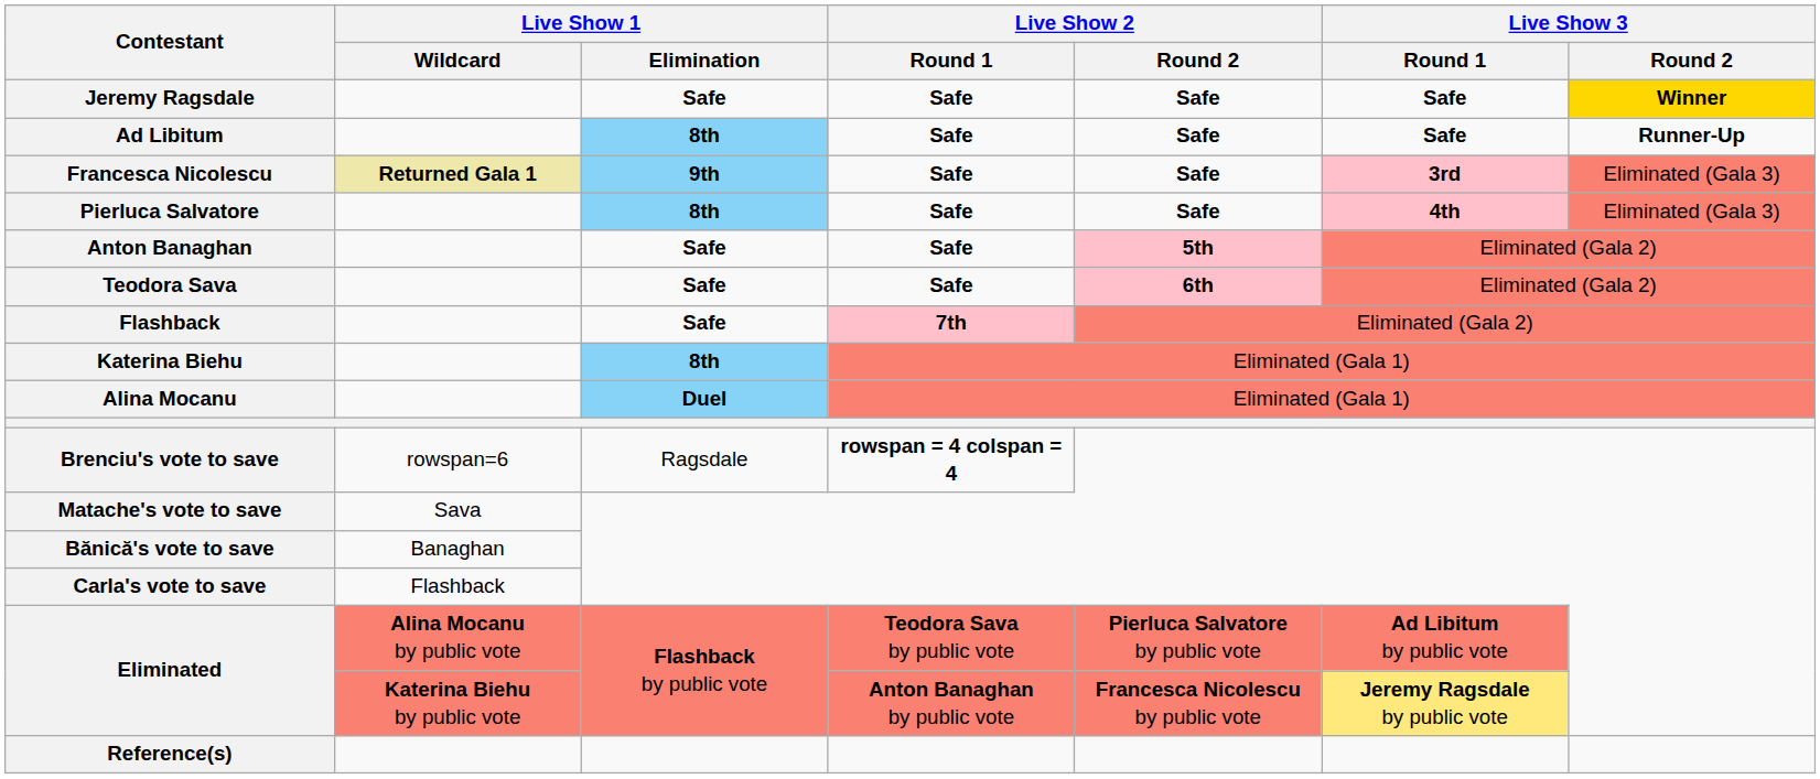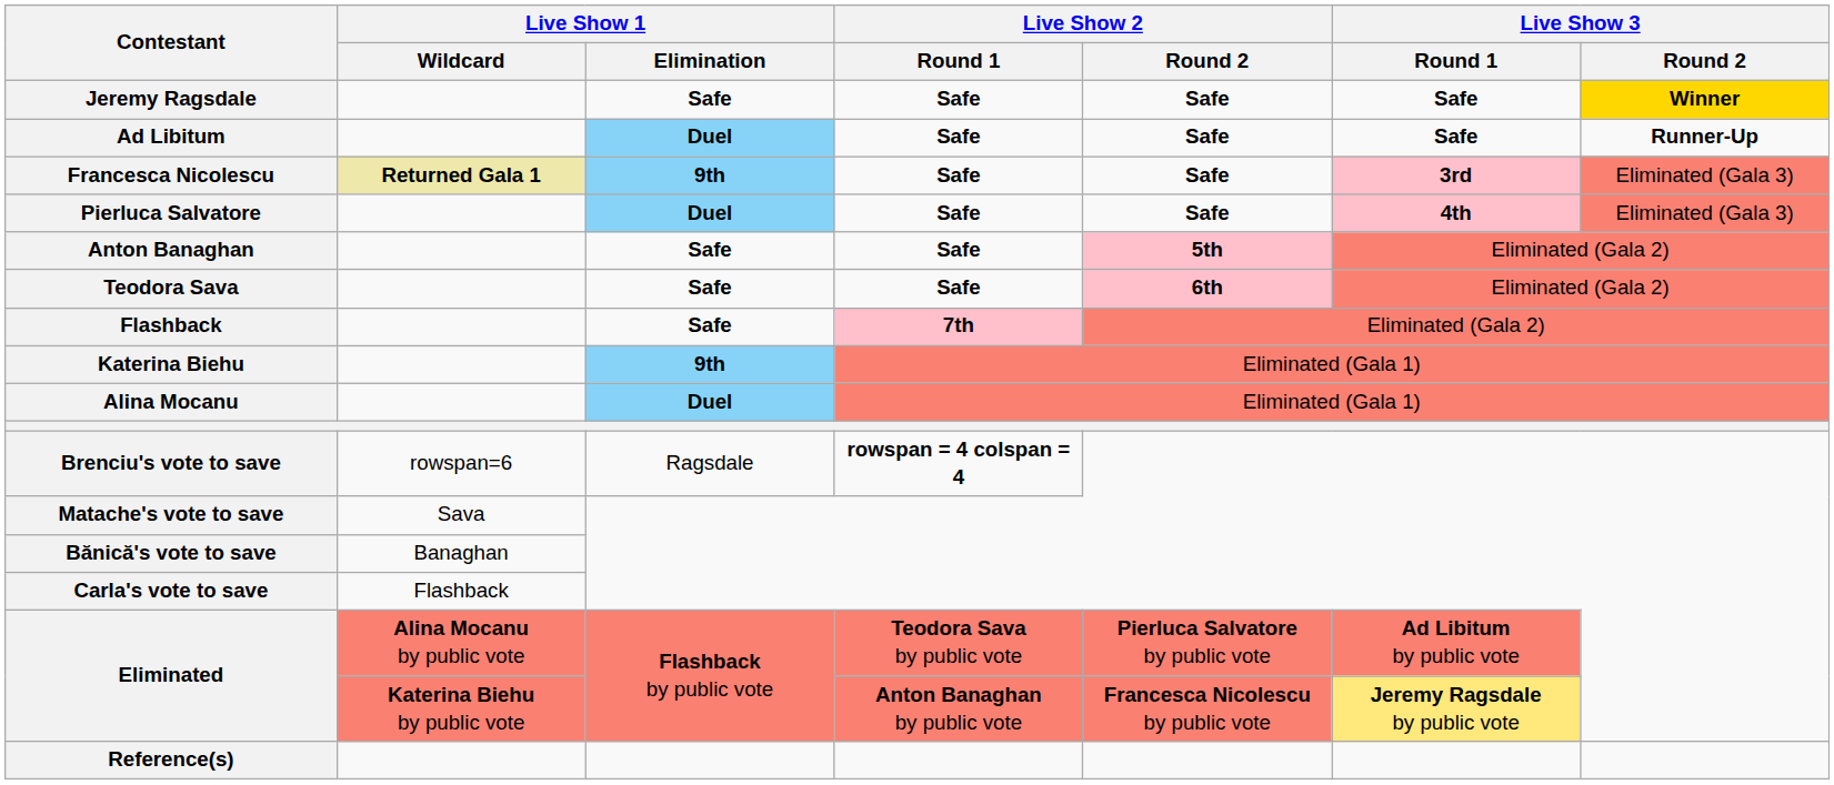 <table class="wikitable" style="font-size:90%;text-align:center;line-height:1.35;width:100%">
 <tr>
 <th style="width:16%"   rowspan="2" scope="col">Contestant</th>
 <th style="width:10.5%" colspan="2"><a href='#'>Live Show 1</a></th>
 <th style="width:10.5%" colspan="2" scope="col"><a href='#'>Live Show 2</a></th>
 <th style="width:10.5%" colspan="2" scope="col"><a href='#'>Live Show 3</a></th>
 </tr>
 <tr>
 <th style="width:12%">Wildcard</th>
 <th style="width:12%">Elimination</th>
 <th style="width:12%">Round 1</th>
 <th style="width:12%">Round 2</th>
 <th style="width:12%">Round 1</th>
 <th style="width:12%">Round 2</th>
 </tr>
 <tr>
 <th scope="row">Jeremy Ragsdale</th>
 <td></td>
 <td><strong>Safe</strong></td>
 <td><strong>Safe</strong></td>
 <td><strong>Safe</strong></td>
 <td><strong>Safe</strong></td>
 <td bgcolor=gold><strong>Winner</strong></td>
 </tr>
 <tr>
 <th scope="row">Ad Libitum</th>
 <td></td>
-<td bgcolor=#87D3F8><strong>8th</strong></td>
+<td bgcolor=#87D3F8><strong>Duel</strong></td>
 <td><strong>Safe</strong></td>
 <td><strong>Safe</strong></td>
 <td><strong>Safe</strong></td>
 <td><strong>Runner-Up</strong></td>
 </tr>
 <tr>
 <th scope="row">Francesca Nicolescu</th>
 <td style="background:#EEE8AA"><strong>Returned Gala 1</strong></td>
 <td bgcolor=#87D3F8><strong>9th</strong></td>
 <td><strong>Safe</strong></td>
 <td><strong>Safe</strong></td>
 <td bgcolor=pink><strong>3rd</strong></td>
 <td colspan="2" rowspan="1" style="background:salmon;">Eliminated  (Gala 3)</td>
 </tr>
 <tr>
 <th scope="row">Pierluca Salvatore</th>
 <td></td>
-<td bgcolor=#87D3F8><strong>8th</strong></td>
+<td bgcolor=#87D3F8><strong>Duel</strong></td>
 <td><strong>Safe</strong></td>
 <td><strong>Safe</strong></td>
 <td bgcolor=pink><strong>4th</strong></td>
 <td colspan="2" rowspan="1" style="background:salmon;">Eliminated  (Gala 3)</td>
 </tr>
 <tr>
 <th scope="row">Anton Banaghan</th>
 <td></td>
 <td><strong>Safe</strong></td>
 <td><strong>Safe</strong></td>
 <td bgcolor=pink><strong>5th</strong></td>
 <td colspan="3" rowspan="1" style="background:salmon;">Eliminated  (Gala 2)</td>
 </tr>
 <tr>
 <th scope="row">Teodora Sava</th>
 <td></td>
 <td><strong>Safe</strong></td>
 <td><strong>Safe</strong></td>
 <td bgcolor=pink><strong>6th</strong></td>
 <td colspan="3" rowspan="1" style="background:salmon;">Eliminated  (Gala 2)</td>
 </tr>
 <tr>
 <th scope="row">Flashback</th>
 <td></td>
 <td><strong>Safe</strong></td>
 <td bgcolor=pink><strong>7th</strong></td>
 <td colspan="3" rowspan="1" style="background:salmon;">Eliminated  (Gala 2)</td>
 </tr>
 <tr>
 <th scope="row">Katerina Biehu</th>
 <td></td>
-<td bgcolor=#87D3F8><strong>8th</strong></td>
+<td bgcolor=#87D3F8><strong>9th</strong></td>
 <td colspan="4" rowspan="1" style="background:salmon;">Eliminated  (Gala 1)</td>
 </tr>
 <tr>
 <th scope="row">Alina Mocanu</th>
 <td></td>
 <td bgcolor=#87D3F8><strong>Duel</strong></td>
 <td colspan="4" rowspan="1" style="background:salmon;">Eliminated  (Gala 1)</td>
 </tr>
 <tr>
 <th colspan="7"></th>
 </tr>
 <tr>
 <th scope="row">Brenciu's vote to save</th>
 <td>rowspan=6 </td>
 <td>Ragsdale</td>
 <td><strong>rowspan = 4 colspan = 4 </strong></td>
 </tr>
 <tr>
 <th scope="row">Matache's vote to save</th>
 <td>Sava</td>
 </tr>
 <tr>
 <th scope="row">Bănică's vote to save</th>
 <td>Banaghan</td>
 </tr>
 <tr>
 <th scope="row">Carla's vote to save</th>
 <td>Flashback</td>
 </tr>
 <tr>
 <th scope="row" rowspan="2">Eliminated</th>
 <td style="background:salmon;" rowspan="1"><strong>Alina Mocanu</strong><br>by public vote</td>
 <td style="background:salmon;" rowspan="2"><strong>Flashback</strong><br>by public vote</td>
 <td style="background:salmon;" rowspan="1"><strong>Teodora Sava</strong><br>by public vote</td>
 <td style="background:salmon;" rowspan="1"><strong>Pierluca Salvatore</strong><br>by public vote</td>
 <td style="background:salmon;" rowspan="1"><strong>Ad Libitum</strong><br>by public vote</td>
 </tr>
 <tr>
 <td style="background:salmon;" rowspan="1"><strong>Katerina Biehu</strong><br> by public vote</td>
 <td style="background:salmon;" rowspan="1"><strong>Anton Banaghan</strong><br>by public vote</td>
 <td style="background:salmon;" rowspan="1"><strong>Francesca Nicolescu</strong><br>by public vote</td>
 <td style="background:#FFE87C;" rowspan="1"><strong>Jeremy Ragsdale</strong><br>by public vote</td>
 </tr>
 <tr>
 <th scope="row">Reference(s)</th>
 <td></td>
 <td></td>
 <td></td>
 <td></td>
 <td></td>
 <td></td>
 </tr>
 </table>
